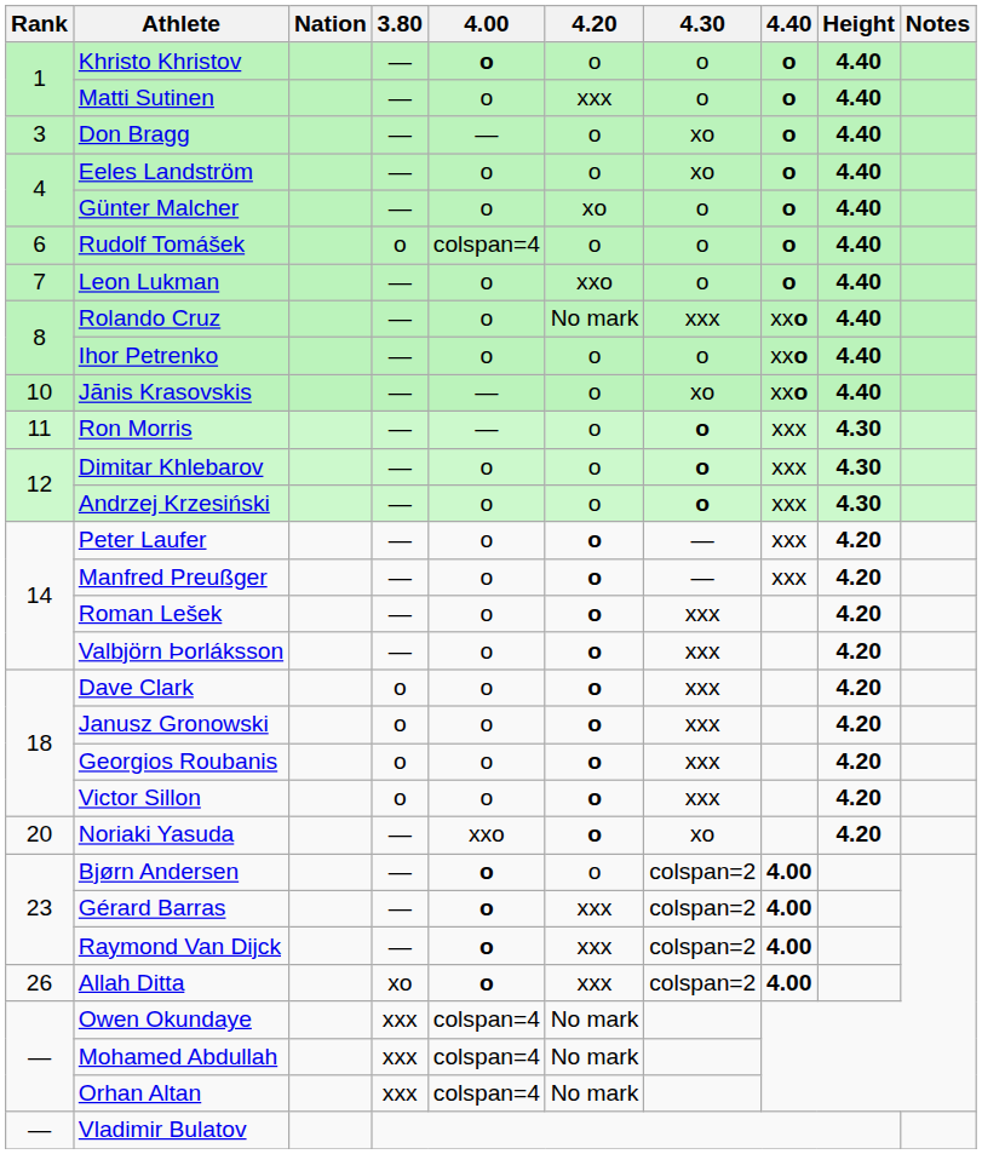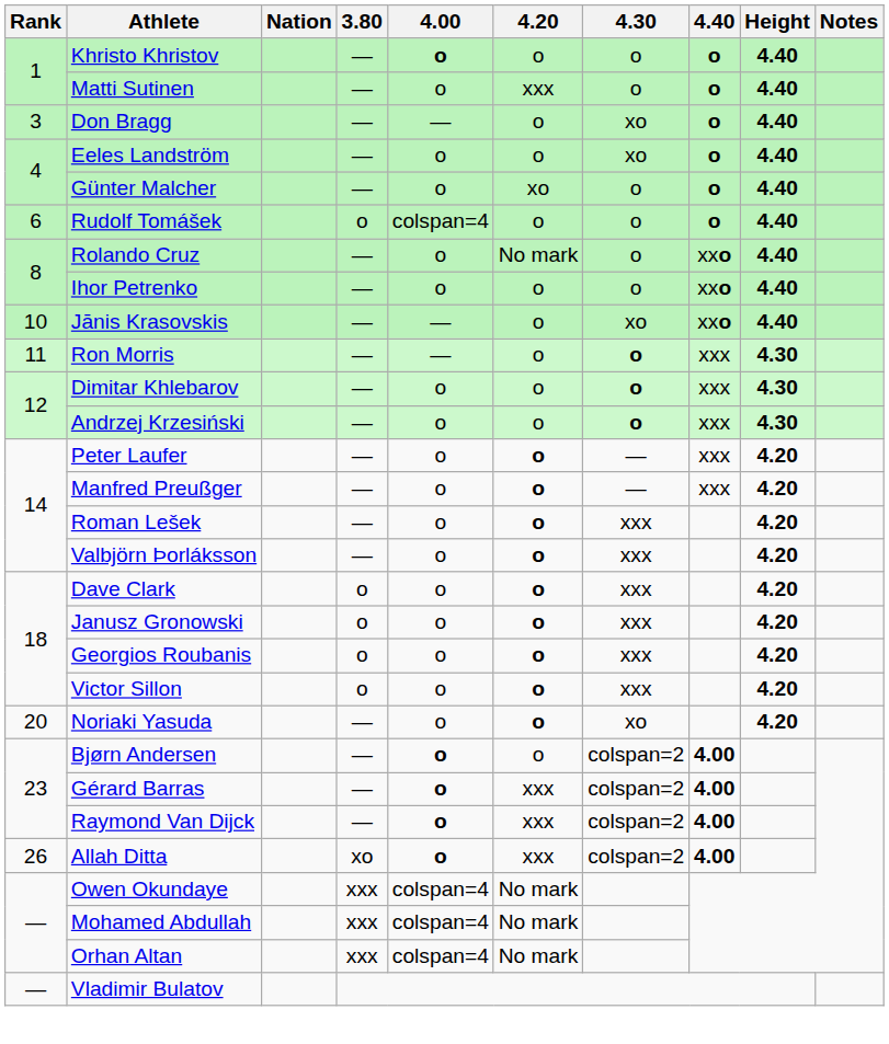 <table class="wikitable sortable" style="text-align:center">
 <tr>
 <th>Rank</th>
 <th>Athlete</th>
 <th>Nation</th>
 <th>3.80</th>
 <th>4.00</th>
 <th>4.20</th>
 <th>4.30</th>
 <th>4.40</th>
 <th>Height</th>
 <th>Notes</th>
 </tr>
 <tr bgcolor=bbf3bb>
 <td rowspan=2>1</td>
 <td align=left><a href='#'>Khristo Khristov</a></td>
 <td align=left></td>
 <td>—</td>
 <td><strong>o</strong></td>
 <td>o</td>
 <td>o</td>
 <td><strong>o</strong></td>
 <td><strong>4.40</strong></td>
 <td></td>
 </tr>
 <tr bgcolor=bbf3bb>
 <td align=left><a href='#'>Matti Sutinen</a></td>
 <td align=left></td>
 <td>—</td>
 <td>o</td>
 <td>xxx</td>
 <td>o</td>
 <td><strong>o</strong></td>
 <td><strong>4.40</strong></td>
 <td></td>
 </tr>
 <tr bgcolor=bbf3bb>
 <td>3</td>
 <td align=left><a href='#'>Don Bragg</a></td>
 <td align=left></td>
 <td>—</td>
 <td>—</td>
 <td>o</td>
 <td>xo</td>
 <td><strong>o</strong></td>
 <td><strong>4.40</strong></td>
 <td></td>
 </tr>
 <tr bgcolor=bbf3bb>
 <td rowspan=2>4</td>
 <td align=left><a href='#'>Eeles Landström</a></td>
 <td align=left></td>
 <td>—</td>
 <td>o</td>
 <td>o</td>
 <td>xo</td>
 <td><strong>o</strong></td>
 <td><strong>4.40</strong></td>
 <td></td>
 </tr>
 <tr bgcolor=bbf3bb>
 <td align=left><a href='#'>Günter Malcher</a></td>
 <td align=left></td>
 <td>—</td>
 <td>o</td>
 <td>xo</td>
 <td>o</td>
 <td><strong>o</strong></td>
 <td><strong>4.40</strong></td>
 <td></td>
 </tr>
 <tr bgcolor=bbf3bb>
 <td>6</td>
 <td align=left><a href='#'>Rudolf Tomášek</a></td>
 <td align=left></td>
 <td>o</td>
 <td>colspan=4 </td>
 <td>o</td>
 <td>o</td>
 <td><strong>o</strong></td>
 <td><strong>4.40</strong></td>
 <td></td>
 </tr>
 <tr bgcolor=bbf3bb>
-<td>7</td>
-<td align=left><a href='#'>Leon Lukman</a></td>
-<td align=left></td>
-<td>—</td>
-<td>o</td>
-<td>xxo</td>
-<td>o</td>
-<td><strong>o</strong></td>
-<td><strong>4.40</strong></td>
-<td></td>
-</tr>
-<tr bgcolor=bbf3bb>
 <td rowspan=2>8</td>
 <td align=left><a href='#'>Rolando Cruz</a></td>
 <td align=left></td>
 <td>—</td>
 <td>o</td>
 <td data-sort-value=1.00>No mark</td>
-<td>xxx</td>
+<td>o</td>
 <td>xx<strong>o</strong></td>
 <td><strong>4.40</strong></td>
 <td></td>
 </tr>
 <tr bgcolor=bbf3bb>
 <td align=left><a href='#'>Ihor Petrenko</a></td>
 <td align=left></td>
 <td>—</td>
 <td>o</td>
 <td>o</td>
 <td>o</td>
 <td>xx<strong>o</strong></td>
 <td><strong>4.40</strong></td>
 <td></td>
 </tr>
 <tr bgcolor=bbf3bb>
 <td>10</td>
 <td align=left><a href='#'>Jānis Krasovskis</a></td>
 <td align=left></td>
 <td>—</td>
 <td>—</td>
 <td>o</td>
 <td>xo</td>
 <td>xx<strong>o</strong></td>
 <td><strong>4.40</strong></td>
 <td></td>
 </tr>
 <tr bgcolor=ccf9cc>
 <td>11</td>
 <td align=left><a href='#'>Ron Morris</a></td>
 <td align=left></td>
 <td>—</td>
 <td>—</td>
 <td>o</td>
 <td><strong>o</strong></td>
 <td>xxx</td>
 <td><strong>4.30</strong></td>
 <td></td>
 </tr>
 <tr bgcolor=ccf9cc>
 <td rowspan=2>12</td>
 <td align=left><a href='#'>Dimitar Khlebarov</a></td>
 <td align=left></td>
 <td>—</td>
 <td>o</td>
 <td>o</td>
 <td><strong>o</strong></td>
 <td>xxx</td>
 <td><strong>4.30</strong></td>
 <td></td>
 </tr>
 <tr bgcolor=ccf9cc>
 <td align=left><a href='#'>Andrzej Krzesiński</a></td>
 <td align=left></td>
 <td>—</td>
 <td>o</td>
 <td>o</td>
 <td><strong>o</strong></td>
 <td>xxx</td>
 <td><strong>4.30</strong></td>
 <td></td>
 </tr>
 <tr>
 <td rowspan=4>14</td>
 <td align=left><a href='#'>Peter Laufer</a></td>
 <td align=left></td>
 <td>—</td>
 <td>o</td>
 <td><strong>o</strong></td>
 <td>—</td>
 <td>xxx</td>
 <td><strong>4.20</strong></td>
 <td></td>
 </tr>
 <tr>
 <td align=left><a href='#'>Manfred Preußger</a></td>
 <td align=left></td>
 <td>—</td>
 <td>o</td>
 <td><strong>o</strong></td>
 <td>—</td>
 <td>xxx</td>
 <td><strong>4.20</strong></td>
 <td></td>
 </tr>
 <tr>
 <td align=left><a href='#'>Roman Lešek</a></td>
 <td align=left></td>
 <td>—</td>
 <td>o</td>
 <td><strong>o</strong></td>
 <td>xxx</td>
 <td></td>
 <td><strong>4.20</strong></td>
 <td></td>
 </tr>
 <tr>
 <td align=left><a href='#'>Valbjörn Þorláksson</a></td>
 <td align=left></td>
 <td>—</td>
 <td>o</td>
 <td><strong>o</strong></td>
 <td>xxx</td>
 <td></td>
 <td><strong>4.20</strong></td>
 <td></td>
 </tr>
 <tr>
 <td rowspan=4>18</td>
 <td align=left><a href='#'>Dave Clark</a></td>
 <td align=left></td>
 <td>o</td>
 <td>o</td>
 <td><strong>o</strong></td>
 <td>xxx</td>
 <td></td>
 <td><strong>4.20</strong></td>
 <td></td>
 </tr>
 <tr>
 <td align=left><a href='#'>Janusz Gronowski</a></td>
 <td align=left></td>
 <td>o</td>
 <td>o</td>
 <td><strong>o</strong></td>
 <td>xxx</td>
 <td></td>
 <td><strong>4.20</strong></td>
 <td></td>
 </tr>
 <tr>
 <td align=left><a href='#'>Georgios Roubanis</a></td>
 <td align=left></td>
 <td>o</td>
 <td>o</td>
 <td><strong>o</strong></td>
 <td>xxx</td>
 <td></td>
 <td><strong>4.20</strong></td>
 <td></td>
 </tr>
 <tr>
 <td align=left><a href='#'>Victor Sillon</a></td>
 <td align=left></td>
 <td>o</td>
 <td>o</td>
 <td><strong>o</strong></td>
 <td>xxx</td>
 <td></td>
 <td><strong>4.20</strong></td>
 <td></td>
 </tr>
 <tr>
 <td>20</td>
 <td align=left><a href='#'>Noriaki Yasuda</a></td>
 <td align=left></td>
 <td>—</td>
-<td>xxo</td>
+<td>o</td>
 <td><strong>o</strong></td>
 <td>xo</td>
 <td></td>
 <td><strong>4.20</strong></td>
 <td></td>
 </tr>
 <tr>
 <td rowspan=3>23</td>
 <td align=left><a href='#'>Bjørn Andersen</a></td>
 <td align=left></td>
 <td>—</td>
 <td><strong>o</strong></td>
 <td>o</td>
 <td>colspan=2 </td>
 <td><strong>4.00</strong></td>
 <td></td>
 </tr>
 <tr>
 <td align=left><a href='#'>Gérard Barras</a></td>
 <td align=left></td>
 <td>—</td>
 <td><strong>o</strong></td>
 <td>xxx</td>
 <td>colspan=2 </td>
 <td><strong>4.00</strong></td>
 <td></td>
 </tr>
 <tr>
 <td align=left><a href='#'>Raymond Van Dijck</a></td>
 <td align=left></td>
 <td>—</td>
 <td><strong>o</strong></td>
 <td>xxx</td>
 <td>colspan=2 </td>
 <td><strong>4.00</strong></td>
 <td></td>
 </tr>
 <tr>
 <td>26</td>
 <td align=left><a href='#'>Allah Ditta</a></td>
 <td align=left></td>
 <td>xo</td>
 <td><strong>o</strong></td>
 <td>xxx</td>
 <td>colspan=2 </td>
 <td><strong>4.00</strong></td>
 <td></td>
 </tr>
 <tr>
 <td rowspan=3 data-sort-value=27>—</td>
 <td align=left><a href='#'>Owen Okundaye</a></td>
 <td align=left></td>
 <td>xxx</td>
 <td>colspan=4 </td>
 <td data-sort-value=1.00>No mark</td>
 <td></td>
 </tr>
 <tr>
 <td align=left><a href='#'>Mohamed Abdullah</a></td>
 <td align=left></td>
 <td>xxx</td>
 <td>colspan=4 </td>
 <td data-sort-value=1.00>No mark</td>
 <td></td>
 </tr>
 <tr>
 <td align=left><a href='#'>Orhan Altan</a></td>
 <td align=left></td>
 <td>xxx</td>
 <td>colspan=4 </td>
 <td data-sort-value=1.00>No mark</td>
 <td></td>
 </tr>
 <tr>
 <td data-sort-value=29>—</td>
 <td align=left><a href='#'>Vladimir Bulatov</a></td>
 <td align=left></td>
 <td colspan=6 data-sort-value=0.00></td>
 <td></td>
 </tr>
 </table>
